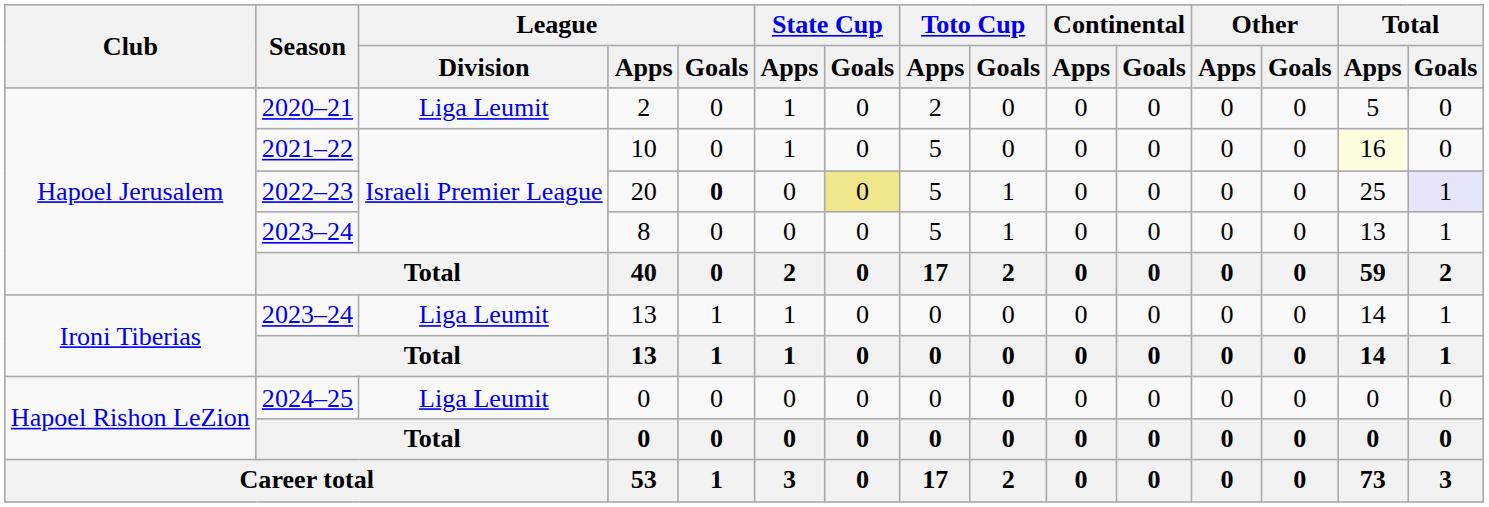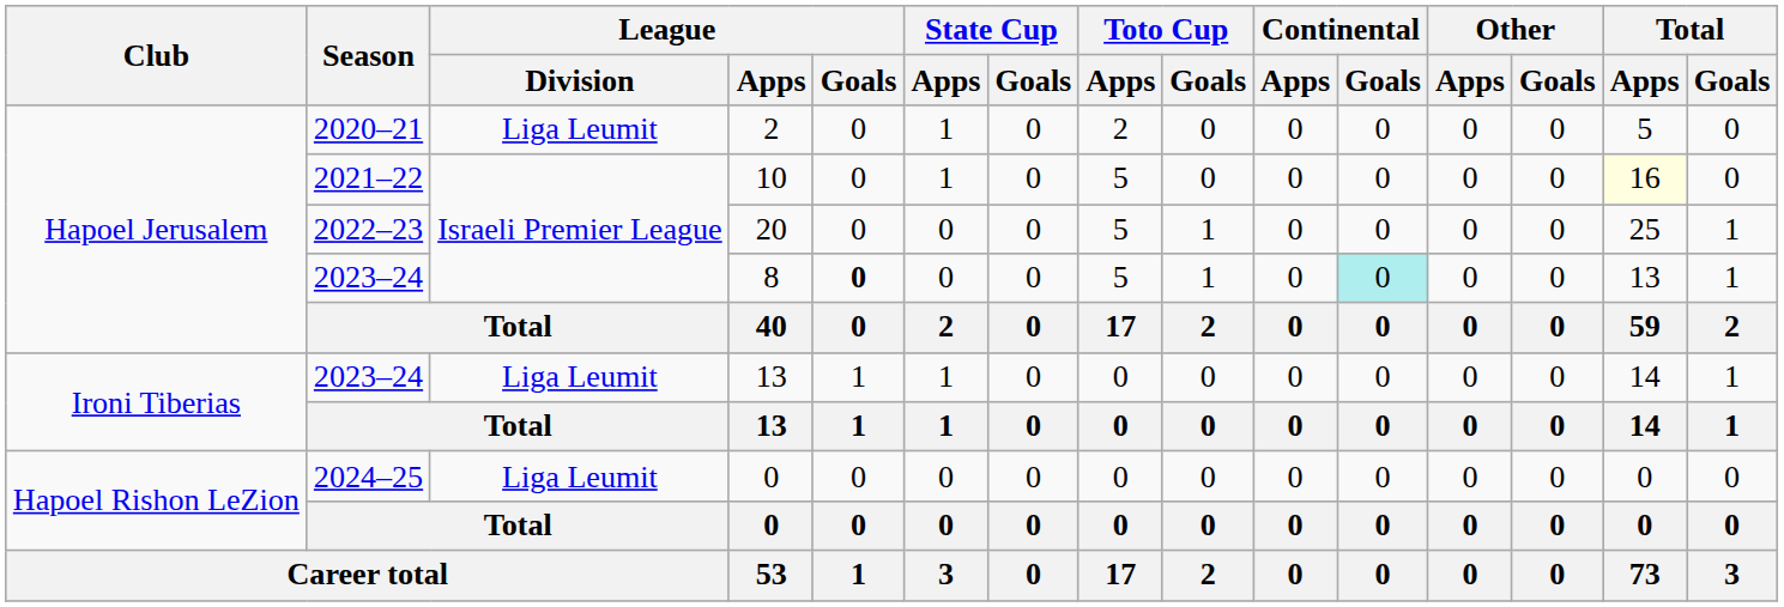 <table class="wikitable" style="text-align: center">
 <tr>
 <th rowspan="2">Club</th>
 <th rowspan="2">Season</th>
 <th colspan="3">League</th>
 <th colspan="2"><a href='#'>State Cup</a></th>
 <th colspan="2"><a href='#'>Toto Cup</a></th>
 <th colspan="2">Continental</th>
 <th colspan="2">Other</th>
 <th colspan="2">Total</th>
 </tr>
 <tr>
 <th>Division</th>
 <th>Apps</th>
 <th>Goals</th>
 <th>Apps</th>
 <th>Goals</th>
 <th>Apps</th>
 <th>Goals</th>
 <th>Apps</th>
 <th>Goals</th>
 <th>Apps</th>
 <th>Goals</th>
 <th>Apps</th>
 <th>Goals</th>
 </tr>
 <tr>
 <td rowspan="5"><a href='#'>Hapoel Jerusalem</a></td>
 <td><a href='#'>2020–21</a></td>
 <td rowspan="1"><a href='#'>Liga Leumit</a></td>
 <td>2</td>
 <td>0</td>
 <td>1</td>
 <td>0</td>
 <td>2</td>
 <td>0</td>
 <td>0</td>
 <td>0</td>
 <td>0</td>
 <td>0</td>
 <td>5</td>
 <td>0</td>
 </tr>
 <tr>
 <td><a href='#'>2021–22</a></td>
 <td rowspan="3"><a href='#'>Israeli Premier League</a></td>
 <td>10</td>
 <td>0</td>
 <td>1</td>
 <td>0</td>
 <td>5</td>
 <td>0</td>
 <td>0</td>
 <td>0</td>
 <td>0</td>
 <td>0</td>
 <td style="background: lightyellow;">16</td>
 <td>0</td>
 </tr>
 <tr>
 <td><a href='#'>2022–23</a></td>
 <td>20</td>
-<td><strong>0</strong></td>
 <td>0</td>
-<td style="background: khaki;">0</td>
+<td>0</td>
+<td>0</td>
 <td>5</td>
 <td>1</td>
 <td>0</td>
 <td>0</td>
 <td>0</td>
 <td>0</td>
 <td>25</td>
-<td style="background: lavender;">1</td>
+<td>1</td>
 </tr>
 <tr>
 <td><a href='#'>2023–24</a></td>
 <td>8</td>
-<td>0</td>
+<td><strong>0</strong></td>
 <td>0</td>
 <td>0</td>
 <td>5</td>
 <td>1</td>
 <td>0</td>
-<td>0</td>
+<td style="background: paleturquoise;">0</td>
 <td>0</td>
 <td>0</td>
 <td>13</td>
 <td>1</td>
 </tr>
 <tr>
 <th colspan="2">Total</th>
 <th>40</th>
 <th>0</th>
 <th>2</th>
 <th>0</th>
 <th>17</th>
 <th>2</th>
 <th>0</th>
 <th>0</th>
 <th>0</th>
 <th>0</th>
 <th>59</th>
 <th>2</th>
 </tr>
 <tr>
 <td rowspan="2"><a href='#'>Ironi Tiberias</a></td>
 <td><a href='#'>2023–24</a></td>
 <td rowspan="1"><a href='#'>Liga Leumit</a></td>
 <td>13</td>
 <td>1</td>
 <td>1</td>
 <td>0</td>
 <td>0</td>
 <td>0</td>
 <td>0</td>
 <td>0</td>
 <td>0</td>
 <td>0</td>
 <td>14</td>
 <td>1</td>
 </tr>
 <tr>
 <th colspan="2">Total</th>
 <th>13</th>
 <th>1</th>
 <th>1</th>
 <th>0</th>
 <th>0</th>
 <th>0</th>
 <th>0</th>
 <th>0</th>
 <th>0</th>
 <th>0</th>
 <th>14</th>
 <th>1</th>
 </tr>
 <tr>
 <td rowspan="2"><a href='#'>Hapoel Rishon LeZion</a></td>
 <td><a href='#'>2024–25</a></td>
 <td rowspan="1"><a href='#'>Liga Leumit</a></td>
 <td>0</td>
 <td>0</td>
 <td>0</td>
 <td>0</td>
 <td>0</td>
-<td><strong>0</strong></td>
+<td>0</td>
 <td>0</td>
 <td>0</td>
 <td>0</td>
 <td>0</td>
 <td>0</td>
 <td>0</td>
 </tr>
 <tr>
 <th colspan="2">Total</th>
 <th>0</th>
 <th>0</th>
 <th>0</th>
 <th>0</th>
 <th>0</th>
 <th>0</th>
 <th>0</th>
 <th>0</th>
 <th>0</th>
 <th>0</th>
 <th>0</th>
 <th>0</th>
 </tr>
 <tr>
 <th colspan="3">Career total</th>
 <th>53</th>
 <th>1</th>
 <th>3</th>
 <th>0</th>
 <th>17</th>
 <th>2</th>
 <th>0</th>
 <th>0</th>
 <th>0</th>
 <th>0</th>
 <th>73</th>
 <th>3</th>
 </tr>
 </table>
